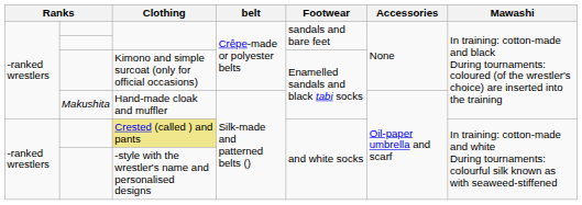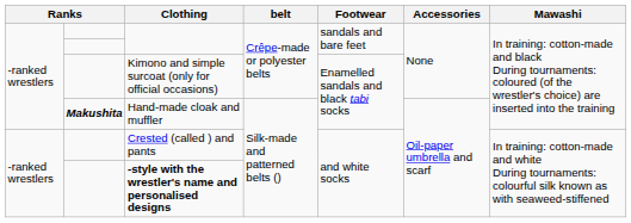 <table class="wikitable">
 <tr>
 <th colspan="2">Ranks</th>
 <th>Clothing</th>
 <th> belt</th>
 <th>Footwear</th>
 <th>Accessories</th>
 <th>Mawashi</th>
 </tr>
 <tr>
 <td rowspan="4">-ranked wrestlers</td>
 <td></td>
 <td rowspan="2"></td>
 <td rowspan="3"><a href='#'>Crêpe</a>-made or polyester  belts</td>
 <td rowspan="2"> sandals and bare feet</td>
 <td rowspan="3">None</td>
 <td rowspan="4">In training: cotton-made and black<br>During tournaments: coloured  (of the wrestler's choice) are inserted into the training </td>
 </tr>
 <tr>
 <td></td>
 </tr>
 <tr>
 <td></td>
 <td>Kimono and simple  surcoat (only for official occasions)</td>
 <td rowspan="2">Enamelled  sandals and black <em><a href='#'>tabi</a></em> socks</td>
 </tr>
 <tr>
-<td><em>Makushita</em></td>
+<td><strong><em>Makushita</em></strong></td>
 <td>Hand-made cloak and muffler</td>
 <td rowspan="3">Silk-made and patterned belts ()</td>
 <td rowspan="3"><a href='#'>Oil-paper umbrella</a> and scarf</td>
 </tr>
 <tr>
 <td rowspan="2">-ranked wrestlers</td>
 <td></td>
-<td style="background: khaki;"><a href='#'>Crested</a>  (called ) and  pants</td>
+<td><a href='#'>Crested</a>  (called ) and  pants</td>
 <td rowspan="2"> and white  socks</td>
 <td rowspan="2">In training: cotton-made and white<br>During tournaments: colourful silk  known as  with seaweed-stiffened </td>
 </tr>
 <tr>
 <td></td>
-<td>-style  with the wrestler's name and personalised designs</td>
+<td><strong>-style  with the wrestler's name and personalised designs</strong></td>
 </tr>
 </table>
